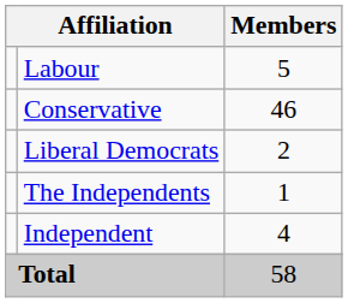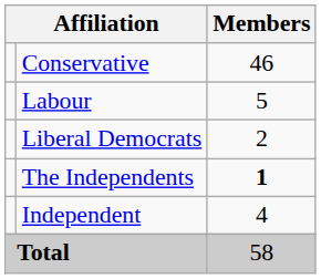 <table class="wikitable">
 <tr>
 <th colspan="2">Affiliation</th>
 <th>Members</th>
 </tr>
 <tr>
 <td></td>
-<td><a href='#'>Labour</a></td>
-<td style="text-align:center;">5</td>
+<td><a href='#'>Conservative</a></td>
+<td style="text-align:center;">46</td>
 </tr>
 <tr>
 <td></td>
-<td><a href='#'>Conservative</a></td>
-<td style="text-align:center;">46</td>
+<td><a href='#'>Labour</a></td>
+<td style="text-align:center;">5</td>
 </tr>
 <tr>
 <td></td>
 <td><a href='#'>Liberal Democrats</a></td>
 <td style="text-align:center;">2</td>
 </tr>
 <tr>
 <td></td>
 <td><a href='#'>The Independents</a></td>
-<td style="text-align:center;">1</td>
+<td style="text-align:center;"><strong>1</strong></td>
 </tr>
 <tr>
 <td></td>
 <td><a href='#'>Independent</a></td>
 <td style="text-align:center;">4</td>
 </tr>
 <tr>
 </tr>
 <tr style="background:#ccc;">
 <td colspan="2"> <strong>Total</strong></td>
 <td style="text-align:center;">58</td>
 </tr>
 </table>
